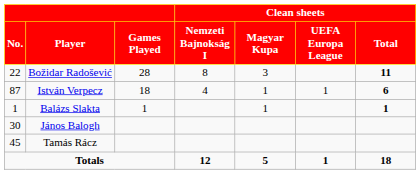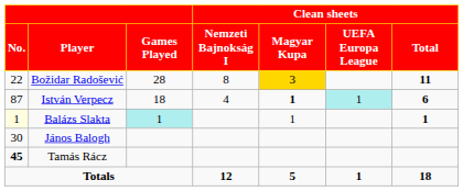 <table class="wikitable sortable alternance" style="text-align:center">
 <tr>
 <th colspan="3" style="background:red;border:1px solid gold"></th>
 <th colspan="4" style="background:red;color:white;border:1px solid gold">Clean sheets</th>
 </tr>
 <tr>
 <th style="background-color:red;color:white;border:1px solid gold">No.</th>
 <th style="background-color:red;color:white;border:1px solid gold">Player</th>
 <th width=80 style="background-color:red;color:white;border:1px solid gold">Games Played</th>
 <th width=80 style="background-color:red;color:white;border:1px solid gold">Nemzeti Bajnokság I</th>
 <th width=80 style="background-color:red;color:white;border:1px solid gold">Magyar Kupa</th>
 <th width=80 style="background-color:red;color:white;border:1px solid gold">UEFA Europa League</th>
 <th width=80 style="background-color:red;color:white;border:1px solid gold">Total</th>
 </tr>
 <tr>
 <td>22</td>
 <td> <a href='#'>Božidar Radošević</a></td>
 <td>28</td>
 <td>8</td>
-<td>3</td>
+<td style="background: gold;">3</td>
 <td></td>
 <td><strong>11</strong></td>
 </tr>
 <tr>
 <td>87</td>
 <td> <a href='#'>István Verpecz</a></td>
 <td>18</td>
 <td>4</td>
-<td>1</td>
-<td>1</td>
+<td><strong>1</strong></td>
+<td style="background: paleturquoise;">1</td>
 <td><strong>6</strong></td>
 </tr>
 <tr>
-<td>1</td>
+<td style="background: lightyellow;">1</td>
 <td> <a href='#'>Balázs Slakta</a></td>
-<td>1</td>
+<td style="background: paleturquoise;">1</td>
 <td></td>
 <td>1</td>
 <td></td>
 <td><strong>1</strong></td>
 </tr>
 <tr>
 <td>30</td>
 <td> <a href='#'>János Balogh</a></td>
 <td></td>
 <td></td>
 <td></td>
 <td></td>
 <td></td>
 </tr>
 <tr>
-<td>45</td>
+<td><strong>45</strong></td>
 <td> Tamás Rácz</td>
 <td></td>
 <td></td>
 <td></td>
 <td></td>
 <td></td>
 </tr>
 <tr class="sortbottom">
 <td colspan="3"><strong>Totals</strong></td>
 <td><strong>12</strong></td>
 <td><strong>5</strong></td>
 <td><strong>1</strong></td>
 <td><strong>18</strong></td>
 </tr>
 </table>
